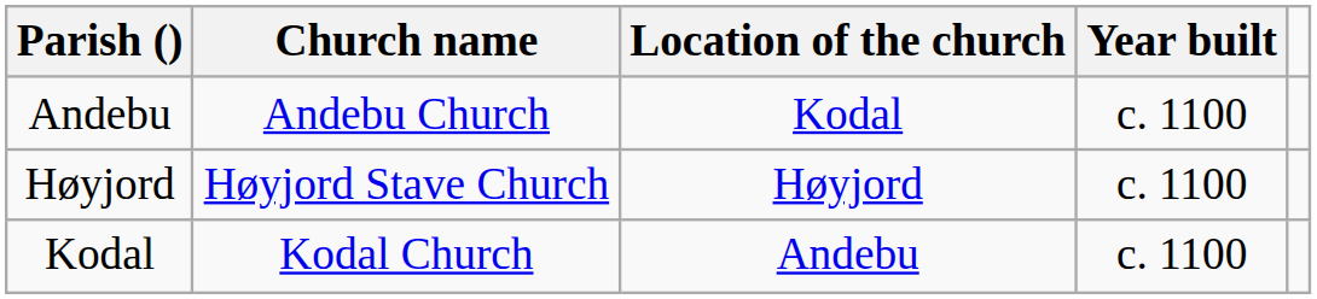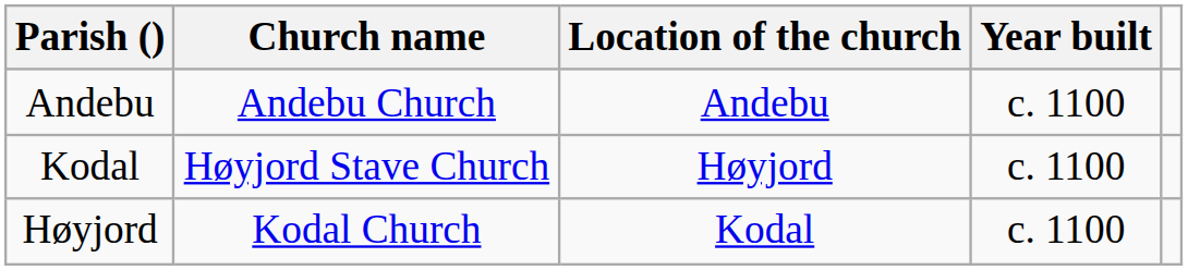 <table class="wikitable" style="text-align:center">
 <tr>
 <th>Parish ()</th>
 <th>Church name</th>
 <th>Location of the church</th>
 <th>Year built</th>
 </tr>
 <tr>
 <td rowspan="1">Andebu</td>
 <td><a href='#'>Andebu Church</a></td>
-<td><a href='#'>Kodal</a></td>
+<td><a href='#'>Andebu</a></td>
 <td>c. 1100</td>
 <td></td>
 </tr>
 <tr>
-<td rowspan="1">Høyjord</td>
+<td rowspan="1">Kodal</td>
 <td><a href='#'>Høyjord Stave Church</a></td>
 <td><a href='#'>Høyjord</a></td>
 <td>c. 1100</td>
 <td></td>
 </tr>
 <tr>
-<td rowspan="1">Kodal</td>
+<td rowspan="1">Høyjord</td>
 <td><a href='#'>Kodal Church</a></td>
-<td><a href='#'>Andebu</a></td>
+<td><a href='#'>Kodal</a></td>
 <td>c. 1100</td>
 <td></td>
 </tr>
 </table>
